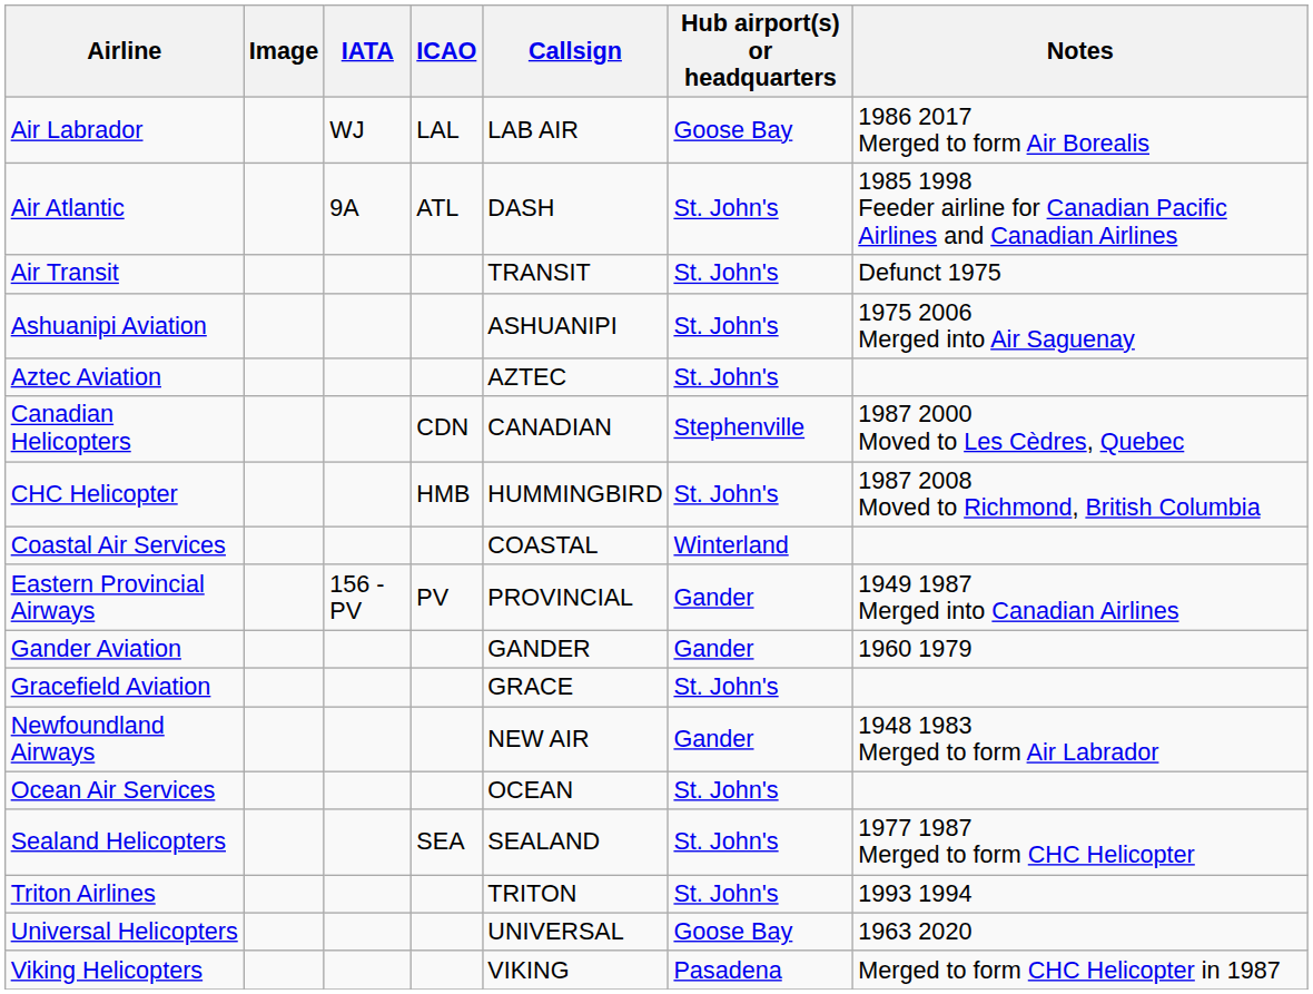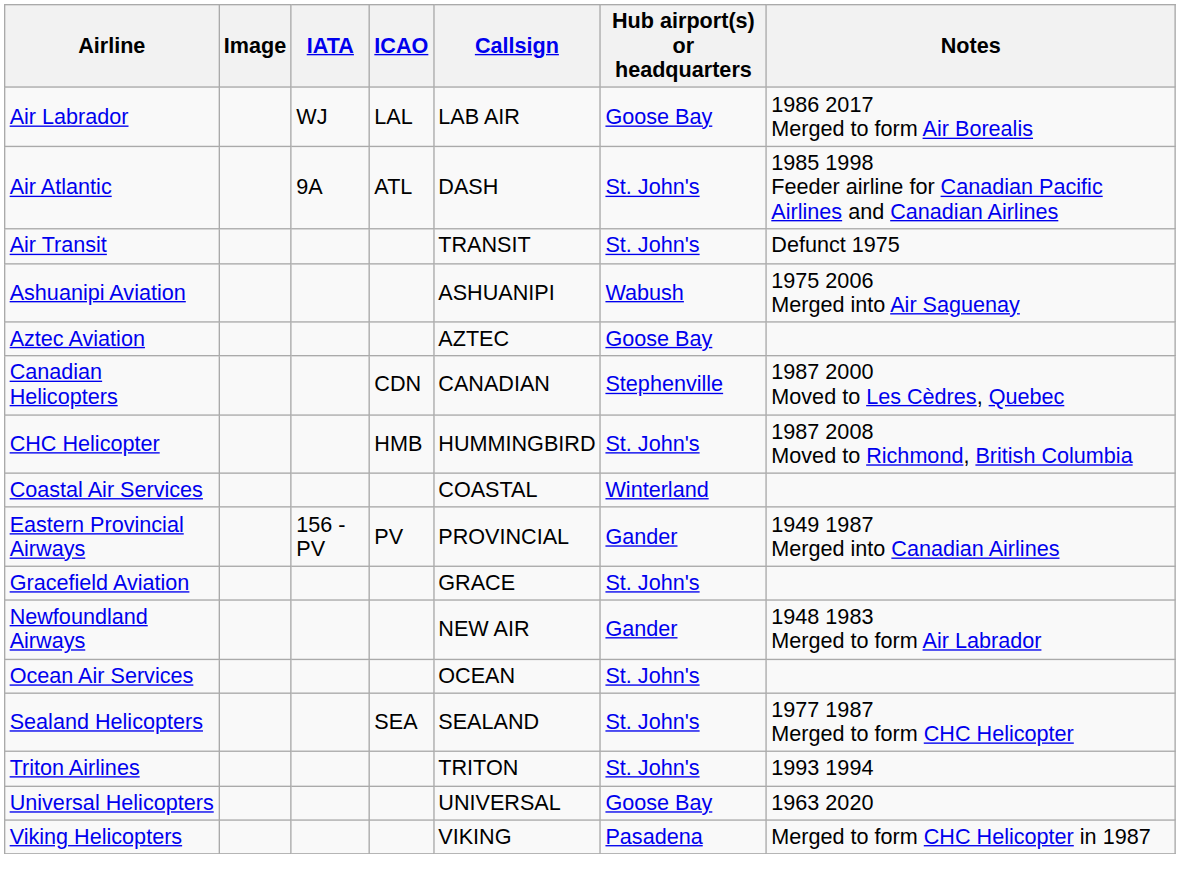 <table class="wikitable sortable" style="border: 0; cellpadding: 2; cellspacing: 3;">
 <tr style="vertical-align:middle;">
 <th>Airline</th>
 <th>Image</th>
 <th><a href='#'>IATA</a></th>
 <th><a href='#'>ICAO</a></th>
 <th><a href='#'>Callsign</a></th>
 <th>Hub airport(s) or<br>headquarters</th>
 <th class="unsortable">Notes</th>
 </tr>
 <tr>
 <td><a href='#'>Air Labrador</a></td>
 <td></td>
 <td>WJ</td>
 <td>LAL</td>
 <td>LAB AIR</td>
 <td><a href='#'>Goose Bay</a></td>
 <td>1986  2017<br>Merged to form <a href='#'>Air Borealis</a></td>
 </tr>
 <tr>
 <td><a href='#'>Air Atlantic</a></td>
 <td></td>
 <td>9A</td>
 <td>ATL</td>
 <td>DASH</td>
 <td><a href='#'>St. John's</a></td>
 <td>1985  1998<br>Feeder airline for <a href='#'>Canadian Pacific Airlines</a> and <a href='#'>Canadian Airlines</a></td>
 </tr>
 <tr>
 <td><a href='#'>Air Transit</a></td>
 <td></td>
 <td></td>
 <td></td>
 <td>TRANSIT</td>
 <td><a href='#'>St. John's</a></td>
 <td>Defunct 1975</td>
 </tr>
 <tr>
 <td><a href='#'>Ashuanipi Aviation</a></td>
 <td></td>
 <td></td>
 <td></td>
 <td>ASHUANIPI</td>
-<td><a href='#'>St. John's</a></td>
+<td><a href='#'>Wabush</a></td>
 <td>1975  2006<br>Merged into <a href='#'>Air Saguenay</a></td>
 </tr>
 <tr>
 <td><a href='#'>Aztec Aviation</a></td>
 <td></td>
 <td></td>
 <td></td>
 <td>AZTEC</td>
-<td><a href='#'>St. John's</a></td>
+<td><a href='#'>Goose Bay</a></td>
 <td></td>
 </tr>
 <tr>
 <td><a href='#'>Canadian Helicopters</a></td>
 <td></td>
 <td></td>
 <td>CDN</td>
 <td>CANADIAN</td>
 <td><a href='#'>Stephenville</a></td>
 <td>1987  2000<br>Moved to <a href='#'>Les Cèdres</a>, <a href='#'>Quebec</a></td>
 </tr>
 <tr>
 <td><a href='#'>CHC Helicopter</a></td>
 <td></td>
 <td></td>
 <td>HMB</td>
 <td>HUMMINGBIRD</td>
 <td><a href='#'>St. John's</a></td>
 <td>1987  2008<br>Moved to <a href='#'>Richmond</a>, <a href='#'>British Columbia</a></td>
 </tr>
 <tr>
 <td><a href='#'>Coastal Air Services</a></td>
 <td></td>
 <td></td>
 <td></td>
 <td>COASTAL</td>
 <td><a href='#'>Winterland</a></td>
 <td></td>
 </tr>
 <tr>
 <td><a href='#'>Eastern Provincial Airways</a></td>
 <td></td>
 <td>156 - PV</td>
 <td>PV</td>
 <td>PROVINCIAL</td>
 <td><a href='#'>Gander</a></td>
 <td>1949  1987<br>Merged into <a href='#'>Canadian Airlines</a></td>
-</tr>
-<tr>
-<td><a href='#'>Gander Aviation</a></td>
-<td></td>
-<td></td>
-<td></td>
-<td>GANDER</td>
-<td><a href='#'>Gander</a></td>
-<td>1960  1979</td>
 </tr>
 <tr>
 <td><a href='#'>Gracefield Aviation</a></td>
 <td></td>
 <td></td>
 <td></td>
 <td>GRACE</td>
 <td><a href='#'>St. John's</a></td>
 <td></td>
 </tr>
 <tr>
 <td><a href='#'>Newfoundland Airways</a></td>
 <td></td>
 <td></td>
 <td></td>
 <td>NEW AIR</td>
 <td><a href='#'>Gander</a></td>
 <td>1948  1983<br>Merged to form <a href='#'>Air Labrador</a></td>
 </tr>
 <tr>
 <td><a href='#'>Ocean Air Services</a></td>
 <td></td>
 <td></td>
 <td></td>
 <td>OCEAN</td>
 <td><a href='#'>St. John's</a></td>
 <td></td>
 </tr>
 <tr>
 <td><a href='#'>Sealand Helicopters</a></td>
 <td></td>
 <td></td>
 <td>SEA</td>
 <td>SEALAND</td>
 <td><a href='#'>St. John's</a></td>
 <td>1977  1987<br>Merged to form <a href='#'>CHC Helicopter</a></td>
 </tr>
 <tr>
 <td><a href='#'>Triton Airlines</a></td>
 <td></td>
 <td></td>
 <td></td>
 <td>TRITON</td>
 <td><a href='#'>St. John's</a></td>
 <td>1993  1994</td>
 </tr>
 <tr>
 <td><a href='#'>Universal Helicopters</a></td>
 <td></td>
 <td></td>
 <td></td>
 <td>UNIVERSAL</td>
 <td><a href='#'>Goose Bay</a></td>
 <td>1963  2020</td>
 </tr>
 <tr>
 <td><a href='#'>Viking Helicopters</a></td>
 <td></td>
 <td></td>
 <td></td>
 <td>VIKING</td>
 <td><a href='#'>Pasadena</a></td>
 <td>Merged to form <a href='#'>CHC Helicopter</a> in 1987</td>
 </tr>
 <tr>
 </tr>
 </table>
